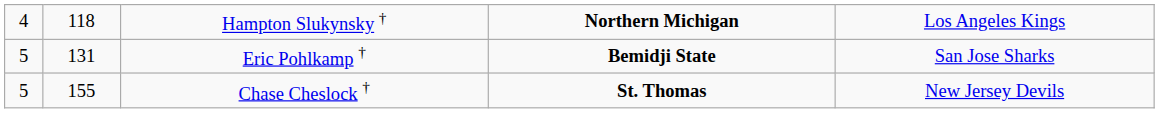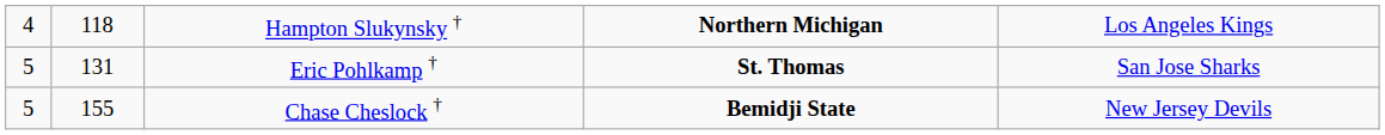 <table class="wikitable sortable" width="50%">
 <tr align="center" bgcolor="">
 <td>4</td>
 <td>118</td>
 <td><a href='#'>Hampton Slukynsky</a> <sup>†</sup></td>
 <td><strong>Northern Michigan</strong></td>
 <td><a href='#'>Los Angeles Kings</a></td>
 </tr>
 <tr align="center" bgcolor="">
 <td>5</td>
 <td>131</td>
 <td><a href='#'>Eric Pohlkamp</a> <sup>†</sup></td>
-<td><strong>Bemidji State</strong></td>
+<td><strong>St. Thomas</strong></td>
 <td><a href='#'>San Jose Sharks</a></td>
 </tr>
 <tr align="center" bgcolor="">
 <td>5</td>
 <td>155</td>
 <td><a href='#'>Chase Cheslock</a> <sup>†</sup></td>
-<td><strong>St. Thomas</strong></td>
+<td><strong>Bemidji State</strong></td>
 <td><a href='#'>New Jersey Devils</a></td>
 </tr>
 </table>
